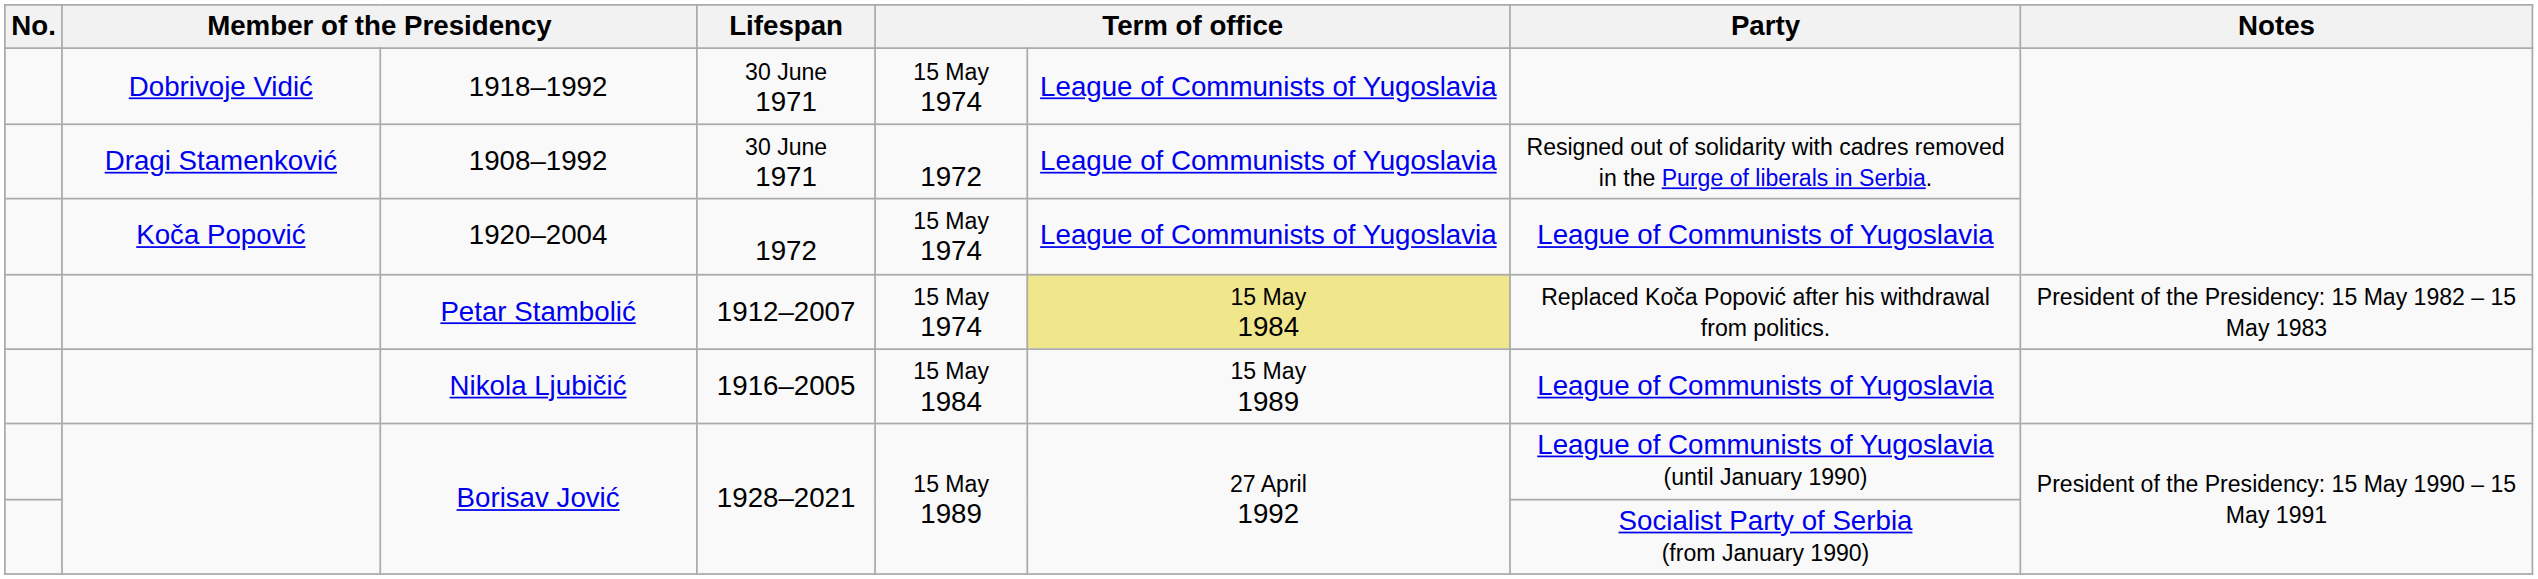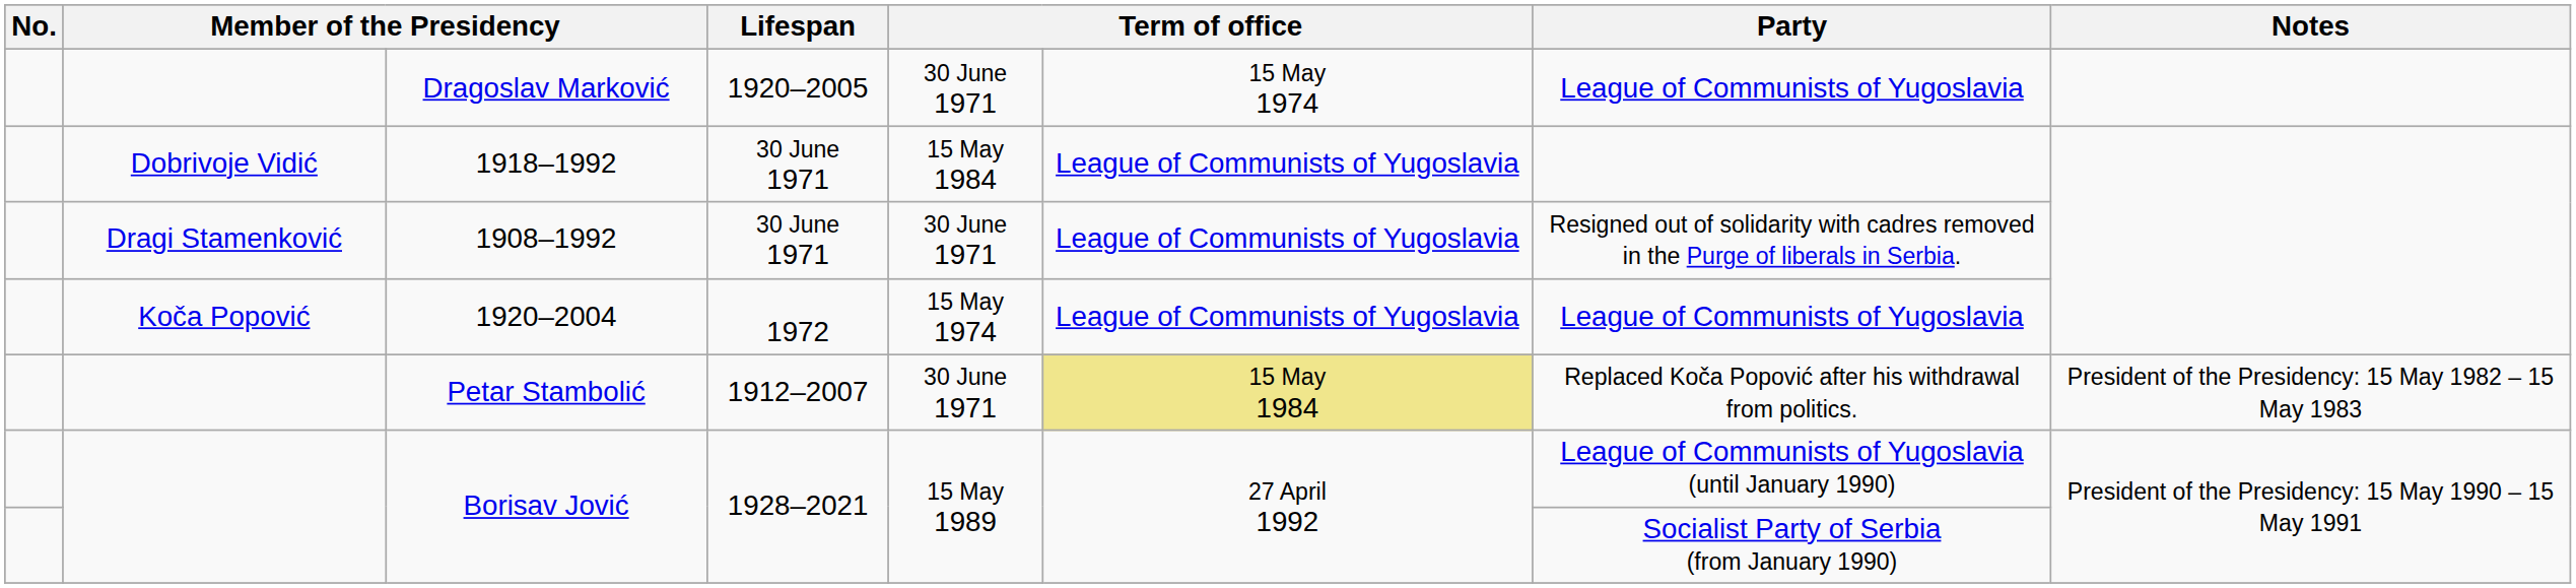 <table class="wikitable" style="text-align:center">
 <tr>
 <th>No.</th>
 <th colspan="2">Member of the Presidency</th>
 <th>Lifespan</th>
 <th colspan="2">Term of office</th>
 <th>Party</th>
 <th>Notes</th>
 </tr>
 <tr>
+<td style="background: "></td>
+<td style="width:1em;"></td>
+<td style="width:11em;"><a href='#'>Dragoslav Marković</a></td>
+<td style="width:6em;">1920–2005</td>
+<td style="width:5em;"><small>30 June</small><br>1971</td>
+<td style="width:5em;"><small>15 May</small><br>1974</td>
+<td style="width:17em;"><a href='#'>League of Communists of Yugoslavia</a></td>
+<td style="width:18em;"><small></small></td>
+</tr>
+<tr>
 <td style="width:1em;"></td>
 <td style="width:11em;"><a href='#'>Dobrivoje Vidić</a></td>
 <td style="width:6em;">1918–1992</td>
 <td style="width:5em;"><small>30 June</small><br>1971</td>
-<td style="width:5em;"><small>15 May</small><br>1974</td>
+<td style="width:5em;"><small>15 May</small><br>1984</td>
 <td style="width:17em;"><a href='#'>League of Communists of Yugoslavia</a></td>
 <td style="width:18em;"><small></small></td>
 </tr>
 <tr>
 <td style="width:1em;"></td>
 <td style="width:11em;"><a href='#'>Dragi Stamenković</a></td>
 <td style="width:6em;">1908–1992</td>
 <td style="width:5em;"><small>30 June</small><br>1971</td>
-<td style="width:5em;"><small></small><br>1972</td>
+<td style="width:5em;"><small>30 June</small><br>1971</td>
 <td style="width:17em;"><a href='#'>League of Communists of Yugoslavia</a></td>
 <td style="width:18em;"><small>Resigned out of solidarity with cadres removed in the <a href='#'>Purge of liberals in Serbia</a>.</small></td>
 </tr>
 <tr>
 <td style="width:1em;"></td>
 <td style="width:11em;"><a href='#'>Koča Popović</a></td>
 <td style="width:6em;">1920–2004</td>
 <td style="width:5em;"><small></small><br>1972</td>
 <td style="width:5em;"><small>15 May</small><br>1974</td>
 <td style="width:17em;"><a href='#'>League of Communists of Yugoslavia</a></td>
 <td style="width:17em;"><a href='#'>League of Communists of Yugoslavia</a></td>
 </tr>
 <tr>
 <td style="background: "></td>
 <td style="width:1em;"></td>
 <td style="width:11em;"><a href='#'>Petar Stambolić</a></td>
 <td style="width:6em;">1912–2007</td>
-<td style="width:5em;"><small>15 May</small><br>1974</td>
+<td style="width:5em;"><small>30 June</small><br>1971</td>
 <td style="background: khaki; width:5em;"><small>15 May</small><br>1984</td>
 <td style="width:18em;"><small>Replaced Koča Popović after his withdrawal from politics.</small></td>
 <td style="width:18em;"><small>President of the Presidency: 15 May 1982 – 15 May 1983</small></td>
-</tr>
-<tr>
-<td style="background: "></td>
-<td style="width:1em;"></td>
-<td style="width:11em;"><a href='#'>Nikola Ljubičić</a></td>
-<td style="width:6em;">1916–2005</td>
-<td style="width:5em;"><small>15 May</small><br>1984</td>
-<td style="width:5em;"><small>15 May</small><br>1989</td>
-<td style="width:17em;"><a href='#'>League of Communists of Yugoslavia</a></td>
-<td style="width:18em;"><small></small></td>
 </tr>
 <tr>
 <td style="background: "></td>
 <td style="width:1em;" rowspan="2"></td>
 <td style="width:11em;" rowspan="2"><a href='#'>Borisav Jović</a></td>
 <td style="width:6em;" rowspan="2">1928–2021</td>
 <td style="width:5em;" rowspan="2"><small>15 May</small><br>1989</td>
 <td style="width:5em;" rowspan="2"><small>27 April</small><br>1992</td>
 <td style="width:17em;"><a href='#'>League of Communists of Yugoslavia</a> <small>(until January 1990)</small></td>
 <td style="width:18em;" rowspan="2"><small>President of the Presidency: 15 May 1990 – 15 May 1991</small></td>
 </tr>
 <tr>
 <td style="background: "></td>
 <td style="width:17em;"><a href='#'>Socialist Party of Serbia</a><br><small>(from January 1990)</small></td>
 </tr>
 </table>
